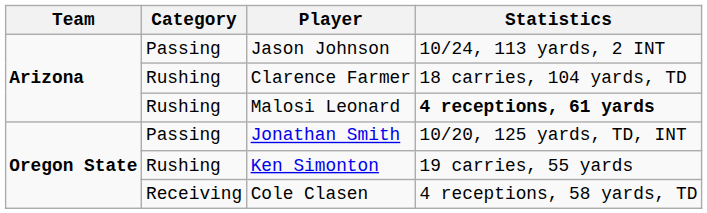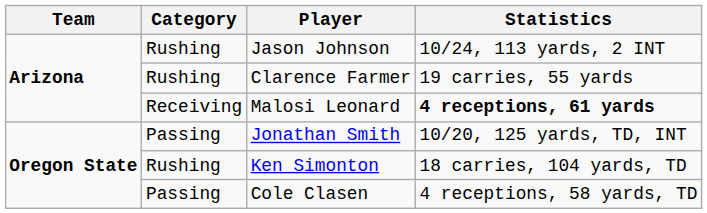 <table class="wikitable" style="float: right;">
 <tr>
 <th>Team</th>
 <th>Category</th>
 <th>Player</th>
 <th>Statistics</th>
 </tr>
 <tr>
 <td rowspan=3><strong>Arizona</strong></td>
-<td>Passing</td>
+<td>Rushing</td>
 <td>Jason Johnson</td>
 <td>10/24, 113 yards, 2 INT</td>
 </tr>
 <tr>
 <td>Rushing</td>
 <td>Clarence Farmer</td>
-<td>18 carries, 104 yards, TD</td>
+<td>19 carries, 55 yards</td>
 </tr>
 <tr>
-<td>Rushing</td>
+<td>Receiving</td>
 <td>Malosi Leonard</td>
 <td><strong>4 receptions, 61 yards</strong></td>
 </tr>
 <tr>
 <td rowspan=3><strong>Oregon State</strong></td>
 <td>Passing</td>
 <td><a href='#'>Jonathan Smith</a></td>
 <td>10/20, 125 yards, TD, INT</td>
 </tr>
 <tr>
 <td>Rushing</td>
 <td><a href='#'>Ken Simonton</a></td>
-<td>19 carries, 55 yards</td>
+<td>18 carries, 104 yards, TD</td>
 </tr>
 <tr>
-<td>Receiving</td>
+<td>Passing</td>
 <td>Cole Clasen</td>
 <td>4 receptions, 58 yards, TD</td>
 </tr>
 </table>
